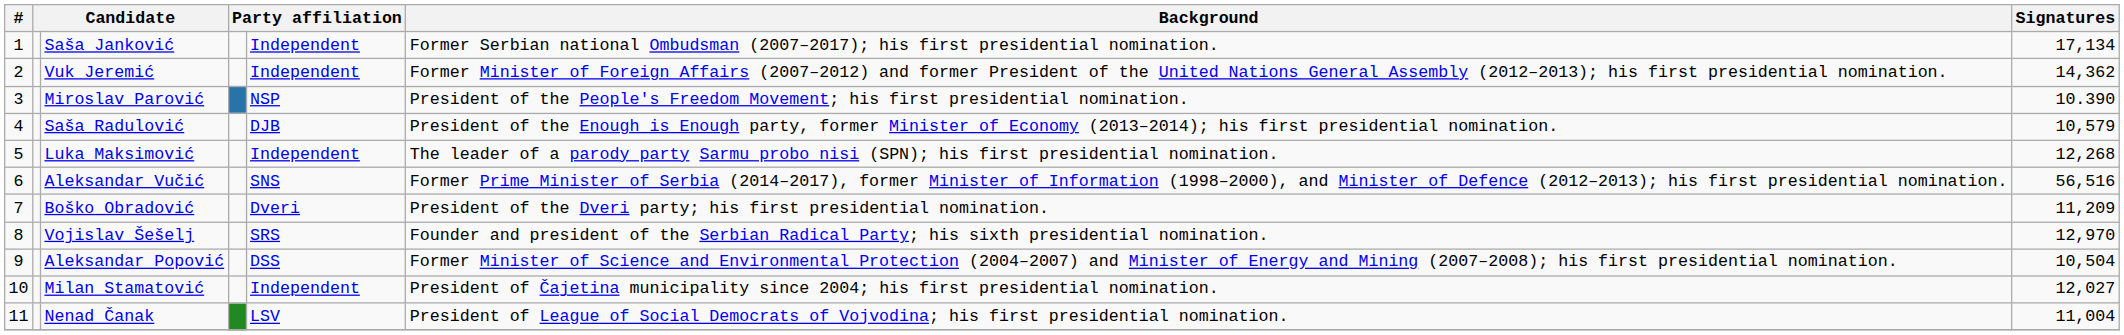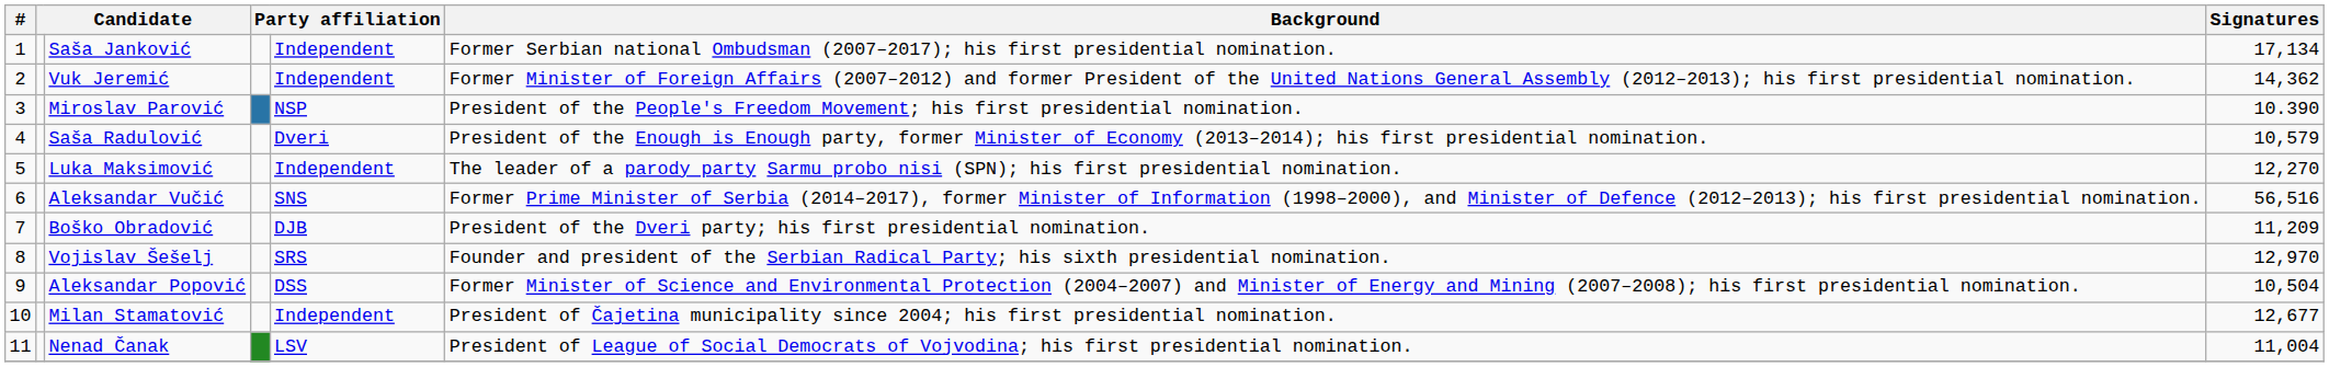 <table class=wikitable>
 <tr>
 <th>#</th>
 <th colspan=2>Candidate</th>
 <th colspan=2>Party affiliation</th>
 <th>Background</th>
 <th>Signatures</th>
 </tr>
 <tr>
 <td align=center>1</td>
 <td></td>
 <td><a href='#'>Saša Janković</a></td>
 <td width="5px" style="background: "> </td>
 <td><a href='#'>Independent</a></td>
 <td>Former Serbian national <a href='#'>Ombudsman</a> (2007–2017); his first presidential nomination.</td>
 <td align=right>17,134</td>
 </tr>
 <tr>
 <td align=center>2</td>
 <td></td>
 <td><a href='#'>Vuk Jeremić</a></td>
 <td width="5px" style="background: "> </td>
 <td><a href='#'>Independent</a></td>
 <td>Former <a href='#'>Minister of Foreign Affairs</a> (2007–2012) and former President of the <a href='#'>United Nations General Assembly</a> (2012–2013); his first presidential nomination.</td>
 <td align=right>14,362</td>
 </tr>
 <tr>
 <td align=center>3</td>
 <td></td>
 <td><a href='#'>Miroslav Parović</a></td>
 <td width="5px" style="background: #2874A6"> </td>
 <td><a href='#'>NSP</a></td>
 <td>President of the <a href='#'>People's Freedom Movement</a>; his first presidential nomination.</td>
 <td align=right>10.390</td>
 </tr>
 <tr>
 <td align=center>4</td>
 <td></td>
 <td><a href='#'>Saša Radulović</a></td>
 <td width="5px" style="background: "> </td>
-<td><a href='#'>DJB</a></td>
+<td><a href='#'>Dveri</a></td>
 <td>President of the <a href='#'>Enough is Enough</a> party, former <a href='#'>Minister of Economy</a> (2013–2014); his first presidential nomination.</td>
 <td align=right>10,579</td>
 </tr>
 <tr>
 <td align=center>5</td>
 <td></td>
 <td><a href='#'>Luka Maksimović</a></td>
 <td width="5px" style="background: "> </td>
 <td><a href='#'>Independent</a></td>
 <td>The leader of a <a href='#'>parody party</a> <a href='#'>Sarmu probo nisi</a> (SPN); his first presidential nomination.</td>
-<td align=right>12,268</td>
+<td align=right>12,270</td>
 </tr>
 <tr>
 <td align=center>6</td>
 <td></td>
 <td><a href='#'>Aleksandar Vučić</a></td>
 <td width="5px" style="background: "> </td>
 <td><a href='#'>SNS</a></td>
 <td>Former <a href='#'>Prime Minister of Serbia</a> (2014–2017), former <a href='#'>Minister of Information</a> (1998–2000), and <a href='#'>Minister of Defence</a> (2012–2013); his first presidential nomination.</td>
 <td align=right>56,516</td>
 </tr>
 <tr>
 <td align=center>7</td>
 <td></td>
 <td><a href='#'>Boško Obradović</a></td>
 <td width="5px" style="background: "> </td>
-<td><a href='#'>Dveri</a></td>
+<td><a href='#'>DJB</a></td>
 <td>President of the <a href='#'>Dveri</a> party; his first presidential nomination.</td>
 <td align=right>11,209</td>
 </tr>
 <tr>
 <td align=center>8</td>
 <td></td>
 <td><a href='#'>Vojislav Šešelj</a></td>
 <td width="5px" style="background: "> </td>
 <td><a href='#'>SRS</a></td>
 <td>Founder and president of the <a href='#'>Serbian Radical Party</a>; his sixth presidential nomination.</td>
 <td align=right>12,970</td>
 </tr>
 <tr>
 <td align=center>9</td>
 <td></td>
 <td><a href='#'>Aleksandar Popović</a></td>
 <td width="5px" style="background: "> </td>
 <td><a href='#'>DSS</a></td>
 <td>Former <a href='#'>Minister of Science and Environmental Protection</a> (2004–2007) and <a href='#'>Minister of Energy and Mining</a> (2007–2008); his first presidential nomination.</td>
 <td align=right>10,504</td>
 </tr>
 <tr>
 <td align=center>10</td>
 <td></td>
 <td><a href='#'>Milan Stamatović</a></td>
 <td width="5px" style="background: "> </td>
 <td><a href='#'>Independent</a></td>
 <td>President of <a href='#'>Čajetina</a> municipality since 2004; his first presidential nomination.</td>
-<td align=right>12,027</td>
+<td align=right>12,677</td>
 </tr>
 <tr>
 <td align=center>11</td>
 <td></td>
 <td><a href='#'>Nenad Čanak</a></td>
 <td width="5px" style="background: #228822"> </td>
 <td><a href='#'>LSV</a></td>
 <td>President of <a href='#'>League of Social Democrats of Vojvodina</a>; his first presidential nomination.</td>
 <td align=right>11,004</td>
 </tr>
 <tr>
 </tr>
 </table>
